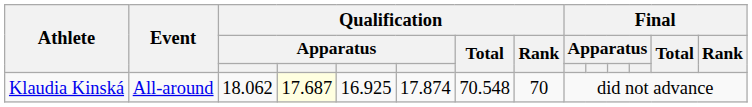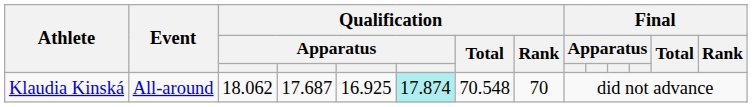 <table class="wikitable" style="font-size:90%">
 <tr>
 <th rowspan=3>Athlete</th>
 <th rowspan=3>Event</th>
 <th colspan=6>Qualification</th>
 <th colspan=6>Final</th>
 </tr>
 <tr style="font-size:95%">
 <th colspan=4>Apparatus</th>
 <th rowspan=2>Total</th>
 <th rowspan=2>Rank</th>
 <th colspan=4>Apparatus</th>
 <th rowspan=2>Total</th>
 <th rowspan=2>Rank</th>
 </tr>
 <tr style="font-size:95%">
 <th></th>
 <th></th>
 <th></th>
 <th></th>
 <th></th>
 <th></th>
 <th></th>
 <th></th>
 </tr>
 <tr align=center>
 <td align=left><a href='#'>Klaudia Kinská</a></td>
 <td align=left><a href='#'>All-around</a></td>
 <td>18.062</td>
-<td style="background: lightyellow;">17.687</td>
+<td>17.687</td>
 <td>16.925</td>
-<td>17.874</td>
+<td style="background: paleturquoise;">17.874</td>
 <td>70.548</td>
 <td>70</td>
 <td colspan=6>did not advance</td>
 </tr>
 </table>
